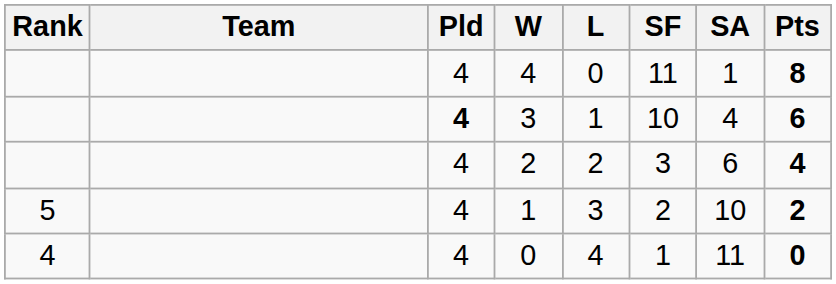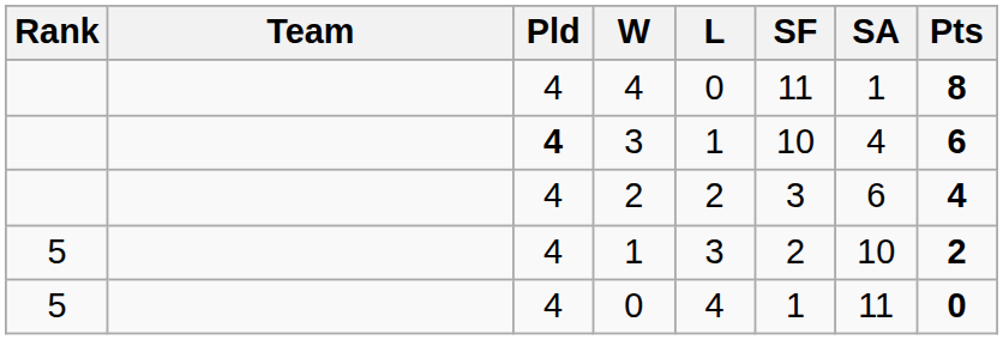 <table class="wikitable" style="text-align: center;">
 <tr>
 <th width=40>Rank</th>
 <th width=180>Team</th>
 <th width=30>Pld</th>
 <th width=30>W</th>
 <th width=30>L</th>
 <th width=30>SF</th>
 <th width=30>SA</th>
 <th width=30>Pts</th>
 </tr>
 <tr>
 <td></td>
 <td style="text-align:left;"></td>
 <td>4</td>
 <td>4</td>
 <td>0</td>
 <td>11</td>
 <td>1</td>
 <td><strong>8</strong></td>
 </tr>
 <tr>
 <td></td>
 <td style="text-align:left;"></td>
 <td><strong>4</strong></td>
 <td>3</td>
 <td>1</td>
 <td>10</td>
 <td>4</td>
 <td><strong>6</strong></td>
 </tr>
 <tr>
 <td></td>
 <td style="text-align:left;"></td>
 <td>4</td>
 <td>2</td>
 <td>2</td>
 <td>3</td>
 <td>6</td>
 <td><strong>4</strong></td>
 </tr>
 <tr>
 <td>5</td>
 <td style="text-align:left;"></td>
 <td>4</td>
 <td>1</td>
 <td>3</td>
 <td>2</td>
 <td>10</td>
 <td><strong>2</strong></td>
 </tr>
 <tr>
-<td>4</td>
+<td>5</td>
 <td style="text-align:left;"></td>
 <td>4</td>
 <td>0</td>
 <td>4</td>
 <td>1</td>
 <td>11</td>
 <td><strong>0</strong></td>
 </tr>
 </table>
